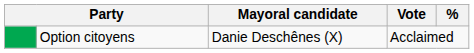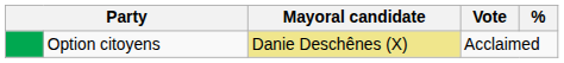 <table class="wikitable">
 <tr>
 <th bgcolor="#DDDDFF" width="230px" colspan="2">Party</th>
 <th bgcolor="#DDDDFF" width="200px">Mayoral candidate</th>
 <th bgcolor="#DDDDFF" width="50px">Vote</th>
 <th bgcolor="#DDDDFF" width="30px">%</th>
 </tr>
 <tr>
 <td bgcolor=#00A850 width="30px"> </td>
 <td>Option citoyens</td>
-<td>Danie Deschênes (X)</td>
+<td style="background: khaki;">Danie Deschênes (X)</td>
 <td colspan="2">Acclaimed</td>
 </tr>
 </table>
